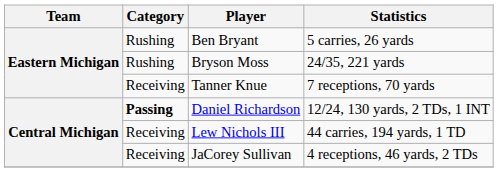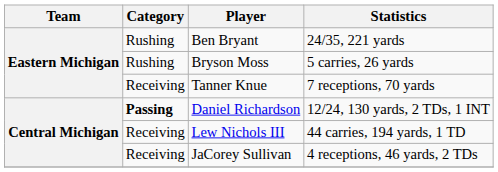 <table class="wikitable" style="float: left;">
 <tr>
 <th>Team</th>
 <th>Category</th>
 <th>Player</th>
 <th>Statistics</th>
 </tr>
 <tr>
 <th rowspan=3>Eastern Michigan</th>
 <td>Rushing</td>
 <td>Ben Bryant</td>
-<td>5 carries, 26 yards</td>
+<td>24/35, 221 yards</td>
 </tr>
 <tr>
 <td>Rushing</td>
 <td>Bryson Moss</td>
-<td>24/35, 221 yards</td>
+<td>5 carries, 26 yards</td>
 </tr>
 <tr>
 <td>Receiving</td>
 <td>Tanner Knue</td>
 <td>7 receptions, 70 yards</td>
 </tr>
 <tr>
 <th rowspan=3 style=>Central Michigan</th>
 <td><strong>Passing</strong></td>
 <td><a href='#'>Daniel Richardson</a></td>
 <td>12/24, 130 yards, 2 TDs, 1 INT</td>
 </tr>
 <tr>
 <td>Receiving</td>
 <td><a href='#'>Lew Nichols III</a></td>
 <td>44 carries, 194 yards, 1 TD</td>
 </tr>
 <tr>
 <td>Receiving</td>
 <td>JaCorey Sullivan</td>
 <td>4 receptions, 46 yards, 2 TDs</td>
 </tr>
 <tr>
 </tr>
 </table>
